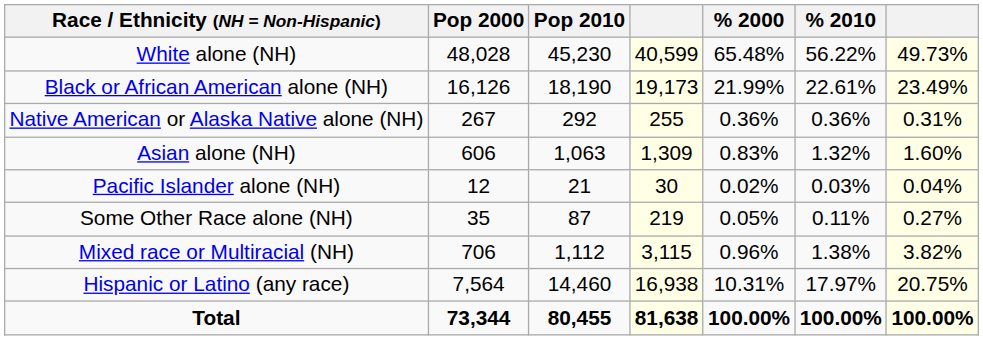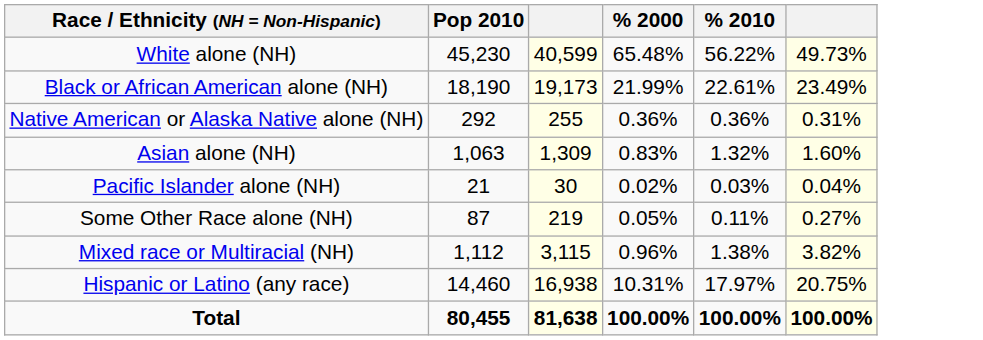 <table class="wikitable" style="text-align:center;">
 <tr>
 <th>Race / Ethnicity <small>(<em>NH = Non-Hispanic</em>)</small></th>
-<th>Pop 2000</th>
 <th>Pop 2010</th>
 <th></th>
 <th>% 2000</th>
 <th>% 2010</th>
 <th></th>
 </tr>
 <tr>
 <td><a href='#'>White</a> alone (NH)</td>
-<td>48,028</td>
 <td>45,230</td>
 <td style='background: #ffffe6;'>40,599</td>
 <td>65.48%</td>
 <td>56.22%</td>
 <td style='background: #ffffe6;'>49.73%</td>
 </tr>
 <tr>
 <td><a href='#'>Black or African American</a> alone (NH)</td>
-<td>16,126</td>
 <td>18,190</td>
 <td style='background: #ffffe6;'>19,173</td>
 <td>21.99%</td>
 <td>22.61%</td>
 <td style='background: #ffffe6;'>23.49%</td>
 </tr>
 <tr>
 <td><a href='#'>Native American</a> or <a href='#'>Alaska Native</a> alone (NH)</td>
-<td>267</td>
 <td>292</td>
 <td style='background: #ffffe6;'>255</td>
 <td>0.36%</td>
 <td>0.36%</td>
 <td style='background: #ffffe6;'>0.31%</td>
 </tr>
 <tr>
 <td><a href='#'>Asian</a> alone (NH)</td>
-<td>606</td>
 <td>1,063</td>
 <td style='background: #ffffe6;'>1,309</td>
 <td>0.83%</td>
 <td>1.32%</td>
 <td style='background: #ffffe6;'>1.60%</td>
 </tr>
 <tr>
 <td><a href='#'>Pacific Islander</a> alone (NH)</td>
-<td>12</td>
 <td>21</td>
 <td style='background: #ffffe6;'>30</td>
 <td>0.02%</td>
 <td>0.03%</td>
 <td style='background: #ffffe6;'>0.04%</td>
 </tr>
 <tr>
 <td>Some Other Race alone (NH)</td>
-<td>35</td>
 <td>87</td>
 <td style='background: #ffffe6;'>219</td>
 <td>0.05%</td>
 <td>0.11%</td>
 <td style='background: #ffffe6;'>0.27%</td>
 </tr>
 <tr>
 <td><a href='#'>Mixed race or Multiracial</a> (NH)</td>
-<td>706</td>
 <td>1,112</td>
 <td style='background: #ffffe6;'>3,115</td>
 <td>0.96%</td>
 <td>1.38%</td>
 <td style='background: #ffffe6;'>3.82%</td>
 </tr>
 <tr>
 <td><a href='#'>Hispanic or Latino</a> (any race)</td>
-<td>7,564</td>
 <td>14,460</td>
 <td style='background: #ffffe6;'>16,938</td>
 <td>10.31%</td>
 <td>17.97%</td>
 <td style='background: #ffffe6;'>20.75%</td>
 </tr>
 <tr>
 <td><strong>Total</strong></td>
-<td><strong>73,344</strong></td>
 <td><strong>80,455</strong></td>
 <td style='background: #ffffe6;'><strong>81,638</strong></td>
 <td><strong>100.00%</strong></td>
 <td><strong>100.00%</strong></td>
 <td style='background: #ffffe6;'><strong>100.00%</strong></td>
 </tr>
 </table>
